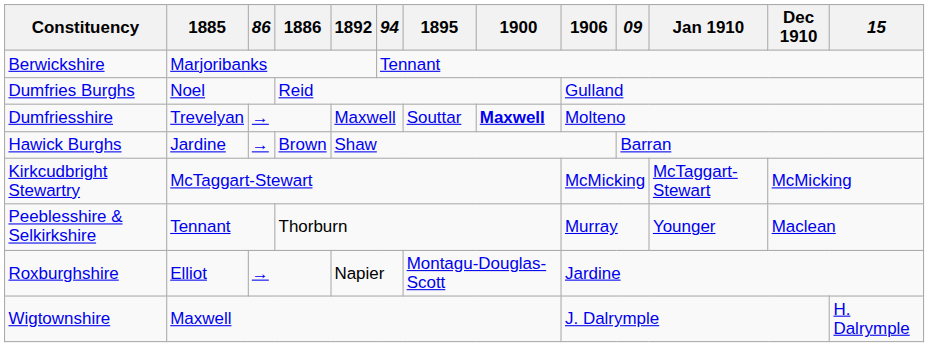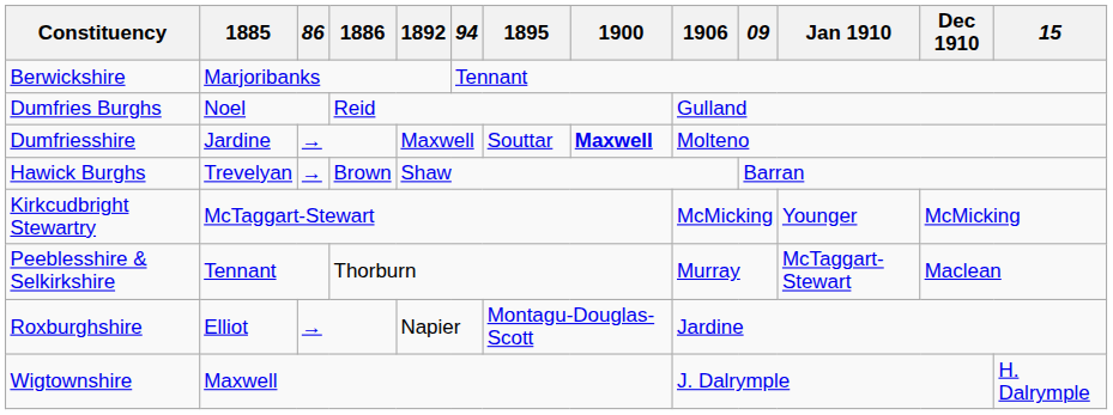 <table class="wikitable">
 <tr>
 <th>Constituency</th>
 <th>1885</th>
 <th><em>86</em></th>
 <th>1886</th>
 <th>1892</th>
 <th><em>94</em></th>
 <th>1895</th>
 <th>1900</th>
 <th>1906</th>
 <th><em>09</em></th>
 <th>Jan 1910</th>
 <th>Dec 1910</th>
 <th><em>15</em></th>
 </tr>
 <tr>
 <td><a href='#'>Berwickshire</a></td>
 <td colspan="4"><a href='#'>Marjoribanks</a></td>
 <td colspan="8"><a href='#'>Tennant</a></td>
 </tr>
 <tr>
 <td><a href='#'>Dumfries Burghs</a></td>
 <td colspan="2"><a href='#'>Noel</a></td>
 <td colspan="5"><a href='#'>Reid</a></td>
 <td colspan="5"><a href='#'>Gulland</a></td>
 </tr>
 <tr>
 <td><a href='#'>Dumfriesshire</a></td>
-<td><a href='#'>Trevelyan</a></td>
+<td><a href='#'>Jardine</a></td>
 <td colspan="2"><a href='#'>→</a></td>
 <td colspan="2"><a href='#'>Maxwell</a></td>
 <td bgcolor=><a href='#'>Souttar</a></td>
 <td><strong><a href='#'>Maxwell</a></strong></td>
 <td colspan="5"><a href='#'>Molteno</a></td>
 </tr>
 <tr>
 <td><a href='#'>Hawick Burghs</a></td>
-<td><a href='#'>Jardine</a></td>
+<td><a href='#'>Trevelyan</a></td>
 <td><a href='#'>→</a></td>
 <td><a href='#'>Brown</a></td>
 <td colspan="5"><a href='#'>Shaw</a></td>
 <td colspan="4"><a href='#'>Barran</a></td>
 </tr>
 <tr>
 <td><a href='#'>Kirkcudbright Stewartry</a></td>
 <td colspan="7"><a href='#'>McTaggart-Stewart</a></td>
 <td colspan="2"><a href='#'>McMicking</a></td>
-<td><a href='#'>McTaggart-Stewart</a></td>
+<td><a href='#'>Younger</a></td>
 <td colspan="2"><a href='#'>McMicking</a></td>
 </tr>
 <tr>
 <td><a href='#'>Peeblesshire & Selkirkshire</a></td>
 <td colspan="2"><a href='#'>Tennant</a></td>
 <td colspan="5">Thorburn</td>
 <td colspan="2"><a href='#'>Murray</a></td>
-<td><a href='#'>Younger</a></td>
+<td><a href='#'>McTaggart-Stewart</a></td>
 <td colspan="2"><a href='#'>Maclean</a></td>
 </tr>
 <tr>
 <td><a href='#'>Roxburghshire</a></td>
 <td><a href='#'>Elliot</a></td>
 <td colspan="2"><a href='#'>→</a></td>
 <td colspan="2">Napier</td>
 <td colspan="2"><a href='#'>Montagu-Douglas-Scott</a></td>
 <td colspan="5"><a href='#'>Jardine</a></td>
 </tr>
 <tr>
 <td><a href='#'>Wigtownshire</a></td>
 <td colspan="7"><a href='#'>Maxwell</a></td>
 <td colspan="4"><a href='#'>J. Dalrymple</a></td>
 <td><a href='#'>H. Dalrymple</a></td>
 </tr>
 </table>
